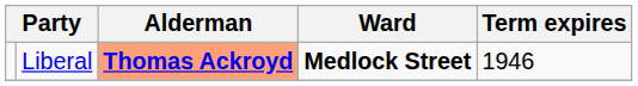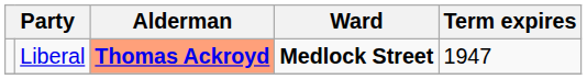 <table class="wikitable">
 <tr>
 <th colspan="2">Party</th>
 <th>Alderman</th>
 <th>Ward</th>
 <th>Term expires</th>
 </tr>
 <tr>
 <td style="background-color:"></td>
 <td><a href='#'>Liberal</a></td>
 <td style="background: lightsalmon;"><strong><a href='#'>Thomas Ackroyd</a></strong></td>
 <td><strong>Medlock Street</strong></td>
-<td>1946</td>
+<td>1947</td>
 </tr>
 <tr>
 </tr>
 </table>
